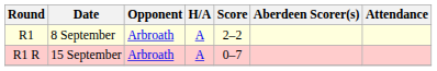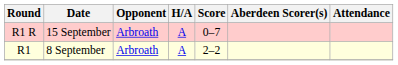 <table class="wikitable" style="text-align:center">
 <tr>
 <th>Round</th>
 <th>Date</th>
 <th>Opponent</th>
 <th>H/A</th>
 <th>Score</th>
 <th>Aberdeen Scorer(s)</th>
 <th>Attendance</th>
 </tr>
+<tr bgcolor=#FFCCCC>
+<td>R1 R</td>
+<td align=left>15 September</td>
+<td align=left><a href='#'>Arbroath</a></td>
+<td><a href='#'>A</a></td>
+<td>0–7</td>
+<td align=left></td>
+<td></td>
+</tr>
 <tr bgcolor=#FFFFDD>
 <td>R1</td>
 <td align=left>8 September</td>
 <td align=left><a href='#'>Arbroath</a></td>
 <td><a href='#'>A</a></td>
 <td>2–2</td>
 <td align=left></td>
 <td></td>
 </tr>
-<tr bgcolor=#FFCCCC>
-<td>R1 R</td>
-<td align=left>15 September</td>
-<td align=left><a href='#'>Arbroath</a></td>
-<td><a href='#'>A</a></td>
-<td>0–7</td>
-<td align=left></td>
-<td></td>
-</tr>
 <tr>
 </tr>
 </table>
